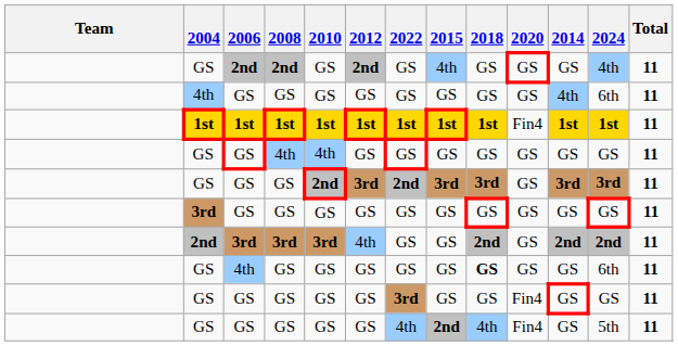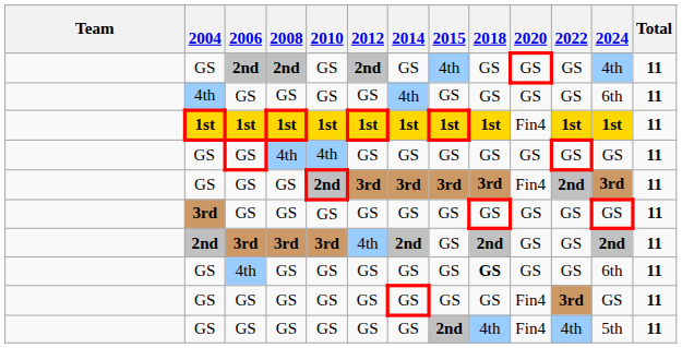 <table class="wikitable" style="text-align:center; font-size:90%">
 <tr>
 <th width=150>Team</th>
 <th><br><a href='#'>2004</a></th>
 <th><br><a href='#'>2006</a></th>
 <th><br><a href='#'>2008</a></th>
 <th><br><a href='#'>2010</a></th>
 <th><br><a href='#'>2012</a></th>
-<th><br><a href='#'>2022</a></th>
+<th><br><a href='#'>2014</a></th>
 <th><br><a href='#'>2015</a></th>
 <th><br><a href='#'>2018</a></th>
 <th><br><a href='#'>2020</a></th>
-<th><br><a href='#'>2014</a></th>
+<th><br><a href='#'>2022</a></th>
 <th><br><a href='#'>2024</a></th>
 <th>Total</th>
 </tr>
 <tr>
 <td align=left></td>
 <td>GS</td>
 <td bgcolor=Silver><strong>2nd</strong></td>
 <td bgcolor=Silver><strong>2nd</strong></td>
 <td>GS</td>
 <td bgcolor=Silver><strong>2nd</strong></td>
 <td>GS</td>
 <td bgcolor=#9acdff>4th</td>
 <td>GS</td>
 <td style="border: 3px solid red">GS</td>
 <td>GS</td>
 <td bgcolor=#9acdff>4th</td>
 <td><strong>11</strong></td>
 </tr>
 <tr>
 <td align=left></td>
 <td bgcolor=#9acdff>4th</td>
 <td>GS</td>
 <td>GS</td>
 <td>GS</td>
 <td>GS</td>
+<td bgcolor=#9acdff>4th</td>
 <td>GS</td>
 <td>GS</td>
 <td>GS</td>
 <td>GS</td>
-<td bgcolor=#9acdff>4th</td>
 <td>6th</td>
 <td><strong>11</strong></td>
 </tr>
 <tr>
 <td align=left></td>
 <td style="border: 3px solid red" bgcolor=Gold><strong>1st</strong></td>
 <td bgcolor=Gold><strong>1st</strong></td>
 <td style="border: 3px solid red" bgcolor=Gold><strong>1st</strong></td>
 <td bgcolor=Gold><strong>1st</strong></td>
 <td style="border: 3px solid red" bgcolor=Gold><strong>1st</strong></td>
 <td bgcolor=Gold><strong>1st</strong></td>
 <td style="border: 3px solid red" bgcolor=Gold><strong>1st</strong></td>
 <td bgcolor=Gold><strong>1st</strong></td>
 <td>Fin4</td>
 <td bgcolor=Gold><strong>1st</strong></td>
 <td bgcolor=Gold><strong>1st</strong></td>
 <td><strong>11</strong></td>
 </tr>
 <tr>
 <td align=left></td>
 <td>GS</td>
 <td style="border: 3px solid red">GS</td>
 <td bgcolor=#9acdff>4th</td>
 <td bgcolor=#9acdff>4th</td>
 <td>GS</td>
-<td style="border: 3px solid red">GS</td>
 <td>GS</td>
 <td>GS</td>
 <td>GS</td>
 <td>GS</td>
+<td style="border: 3px solid red">GS</td>
 <td>GS</td>
 <td><strong>11</strong></td>
 </tr>
 <tr>
 <td align=left></td>
 <td>GS</td>
 <td>GS</td>
 <td>GS</td>
 <td style="border: 3px solid red" bgcolor=Silver><strong>2nd</strong></td>
 <td bgcolor=#cc9966><strong>3rd</strong></td>
-<td bgcolor=Silver><strong>2nd</strong></td>
 <td bgcolor=#cc9966><strong>3rd</strong></td>
 <td bgcolor=#cc9966><strong>3rd</strong></td>
-<td>GS</td>
 <td bgcolor=#cc9966><strong>3rd</strong></td>
+<td>Fin4</td>
+<td bgcolor=Silver><strong>2nd</strong></td>
 <td bgcolor=#cc9966><strong>3rd</strong></td>
 <td><strong>11</strong></td>
 </tr>
 <tr>
 <td align=left></td>
 <td bgcolor=#cc9966><strong>3rd</strong></td>
 <td>GS</td>
 <td>GS</td>
 <td>GS</td>
 <td>GS</td>
 <td>GS</td>
 <td>GS</td>
 <td style="border: 3px solid red">GS</td>
 <td>GS</td>
 <td>GS</td>
 <td style="border: 3px solid red">GS</td>
 <td><strong>11</strong></td>
 </tr>
 <tr>
 <td align=left></td>
 <td bgcolor=Silver><strong>2nd</strong></td>
 <td bgcolor=#cc9966><strong>3rd</strong></td>
 <td bgcolor=#cc9966><strong>3rd</strong></td>
 <td bgcolor=#cc9966><strong>3rd</strong></td>
 <td bgcolor=#9acdff>4th</td>
-<td>GS</td>
+<td bgcolor=Silver><strong>2nd</strong></td>
 <td>GS</td>
 <td bgcolor=Silver><strong>2nd</strong></td>
 <td>GS</td>
-<td bgcolor=Silver><strong>2nd</strong></td>
+<td>GS</td>
 <td bgcolor=Silver><strong>2nd</strong></td>
 <td><strong>11</strong></td>
 </tr>
 <tr>
 <td align=left></td>
 <td>GS</td>
 <td bgcolor=#9acdff>4th</td>
 <td>GS</td>
 <td>GS</td>
 <td>GS</td>
 <td>GS</td>
 <td>GS</td>
 <td><strong>GS</strong></td>
 <td>GS</td>
 <td>GS</td>
 <td>6th</td>
 <td><strong>11</strong></td>
 </tr>
 <tr>
 <td align=left></td>
 <td>GS</td>
 <td>GS</td>
 <td>GS</td>
 <td>GS</td>
 <td>GS</td>
-<td bgcolor=#cc9966><strong>3rd</strong></td>
+<td style="border: 3px solid red">GS</td>
 <td>GS</td>
 <td>GS</td>
 <td>Fin4</td>
-<td style="border: 3px solid red">GS</td>
+<td bgcolor=#cc9966><strong>3rd</strong></td>
 <td>GS</td>
 <td><strong>11</strong></td>
 </tr>
 <tr>
 <td align=left></td>
 <td>GS</td>
 <td>GS</td>
 <td>GS</td>
 <td>GS</td>
 <td>GS</td>
-<td bgcolor=#9acdff>4th</td>
+<td>GS</td>
 <td bgcolor=Silver><strong>2nd</strong></td>
 <td bgcolor=#9acdff>4th</td>
 <td>Fin4</td>
-<td>GS</td>
+<td bgcolor=#9acdff>4th</td>
 <td>5th</td>
 <td><strong>11</strong></td>
 </tr>
 </table>
